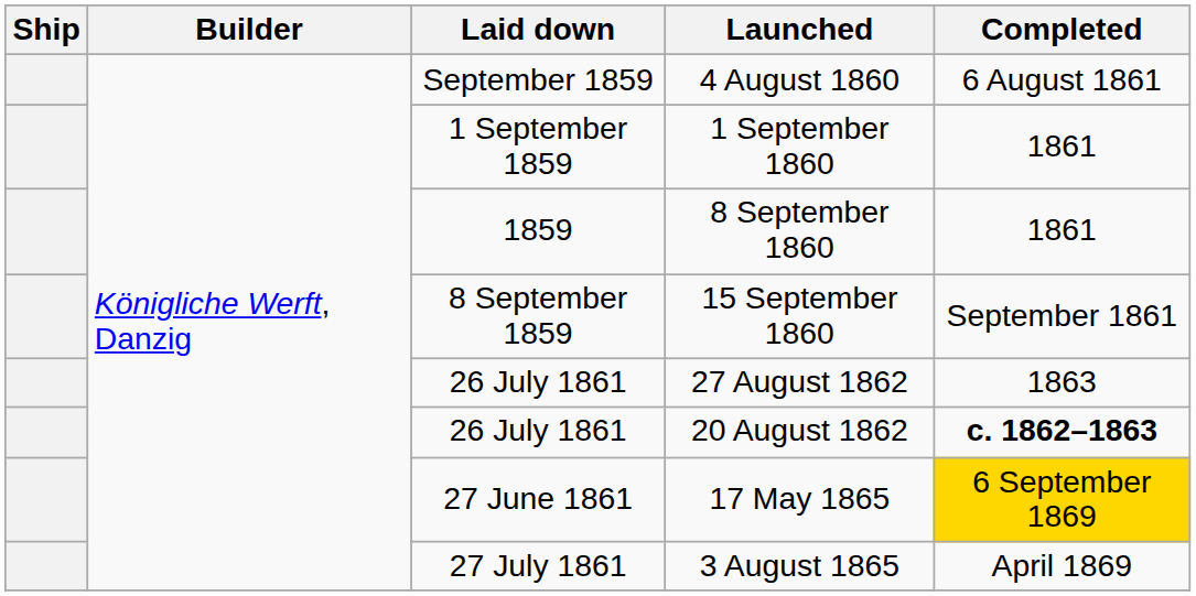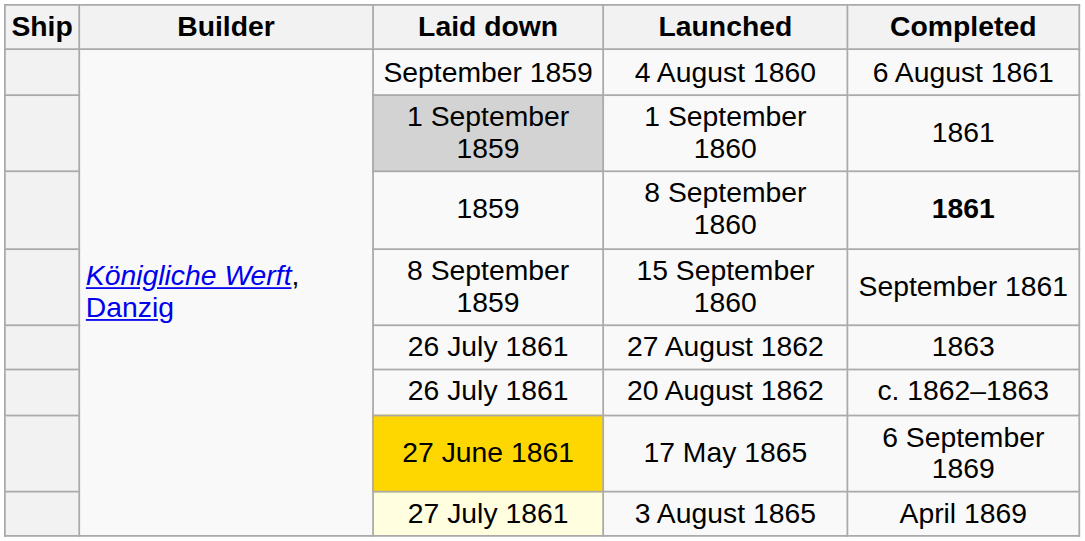 <table class="wikitable plainrowheaders">
 <tr>
 <th scope="col">Ship</th>
 <th scope="col">Builder</th>
 <th scope="col">Laid down</th>
 <th scope="col">Launched</th>
 <th scope="col">Completed</th>
 </tr>
 <tr>
 <th scope="row"></th>
 <td rowspan=8><a href='#'><em>Königliche Werft</em></a>, <a href='#'>Danzig</a></td>
 <td align=center>September 1859</td>
 <td align=center>4 August 1860</td>
 <td align=center>6 August 1861</td>
 </tr>
 <tr>
 <th scope="row"></th>
-<td align=center>1 September 1859</td>
+<td align=center style="background: lightgrey;">1 September 1859</td>
 <td align=center>1 September 1860</td>
 <td align=center>1861</td>
 </tr>
 <tr>
 <th scope="row"></th>
 <td align=center>1859</td>
 <td align=center>8 September 1860</td>
-<td align=center>1861</td>
+<td align=center><strong>1861</strong></td>
 </tr>
 <tr>
 <th scope="row"></th>
 <td align=center>8 September 1859</td>
 <td align=center>15 September 1860</td>
 <td align=center>September 1861</td>
 </tr>
 <tr>
 <th scope="row"></th>
 <td align=center>26 July 1861</td>
 <td align=center>27 August 1862</td>
 <td align=center>1863</td>
 </tr>
 <tr>
 <th scope="row"></th>
 <td align=center>26 July 1861</td>
 <td align=center>20 August 1862</td>
-<td align=center><strong>c. 1862–1863</strong></td>
+<td align=center>c. 1862–1863</td>
 </tr>
 <tr>
 <th scope="row"></th>
-<td align=center>27 June 1861</td>
+<td align=center style="background: gold;">27 June 1861</td>
 <td align=center>17 May 1865</td>
-<td align=center style="background: gold;">6 September 1869</td>
+<td align=center>6 September 1869</td>
 </tr>
 <tr>
 <th scope="row"></th>
-<td align=center>27 July 1861</td>
+<td align=center style="background: lightyellow;">27 July 1861</td>
 <td align=center>3 August 1865</td>
 <td align=center>April 1869</td>
 </tr>
 </table>
